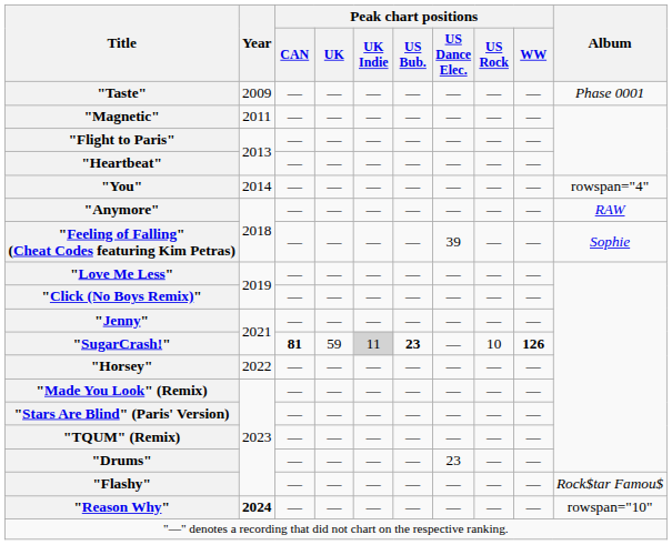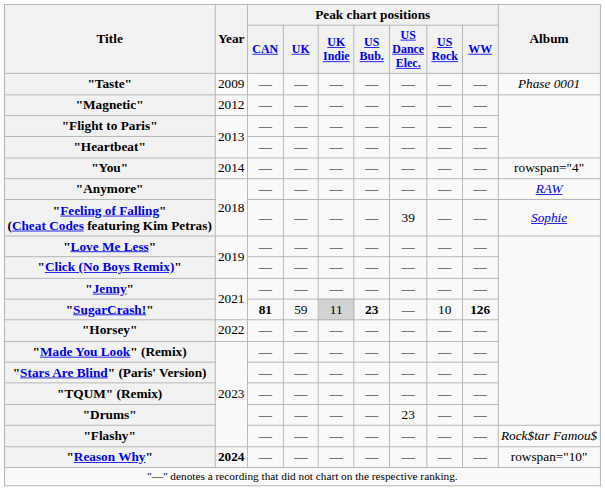 <table class="wikitable plainrowheaders" style="text-align:center;">
 <tr>
 <th scope="col" rowspan="2">Title</th>
 <th scope="col" rowspan="2">Year</th>
 <th colspan="7">Peak chart positions</th>
 <th scope="col" rowspan="2">Album</th>
 </tr>
 <tr>
 <th scope="col" style="width:2.5em;font-size:90%;"><a href='#'>CAN</a><br></th>
 <th scope="col" style="width:2.5em;font-size:90%;"><a href='#'>UK</a><br></th>
 <th scope="col" style="width:2.5em;font-size:90%;"><a href='#'>UK<br>Indie</a><br></th>
 <th scope="col" style="width:2.5em;font-size:90%;"><a href='#'>US<br>Bub.</a><br></th>
 <th scope="col" style="width:2.5em;font-size:90%;"><a href='#'>US<br>Dance<br>Elec.</a><br></th>
 <th scope="col" style="width:2.5em;font-size:90%;"><a href='#'>US<br>Rock</a><br></th>
 <th scope="col" style="width:2.5em;font-size:90%;"><a href='#'>WW</a><br></th>
 </tr>
 <tr>
 <th scope="row">"Taste"<br></th>
 <td>2009</td>
 <td>—</td>
 <td>—</td>
 <td>—</td>
 <td>—</td>
 <td>—</td>
 <td>—</td>
 <td>—</td>
 <td><em>Phase 0001</em></td>
 </tr>
 <tr>
 <th scope="row">"Magnetic"<br></th>
-<td>2011</td>
+<td>2012</td>
 <td>—</td>
 <td>—</td>
 <td>—</td>
 <td>—</td>
 <td>—</td>
 <td>—</td>
 <td>—</td>
 </tr>
 <tr>
 <th scope="row">"Flight to Paris"<br></th>
 <td rowspan="2">2013</td>
 <td>—</td>
 <td>—</td>
 <td>—</td>
 <td>—</td>
 <td>—</td>
 <td>—</td>
 <td>—</td>
 </tr>
 <tr>
 <th scope="row">"Heartbeat"<br></th>
 <td>—</td>
 <td>—</td>
 <td>—</td>
 <td>—</td>
 <td>—</td>
 <td>—</td>
 <td>—</td>
 </tr>
 <tr>
 <th scope="row">"You"<br></th>
 <td>2014</td>
 <td>—</td>
 <td>—</td>
 <td>—</td>
 <td>—</td>
 <td>—</td>
 <td>—</td>
 <td>—</td>
 <td>rowspan="4" </td>
 </tr>
 <tr>
 <th scope="row">"Anymore"<br></th>
 <td rowspan="2">2018</td>
 <td>—</td>
 <td>—</td>
 <td>—</td>
 <td>—</td>
 <td>—</td>
 <td>—</td>
 <td>—</td>
 <td><em><a href='#'>RAW</a></em></td>
 </tr>
 <tr>
 <th scope="row">"<a href='#'>Feeling of Falling</a>"<br><span>(<a href='#'>Cheat Codes</a> featuring Kim Petras)</span></th>
 <td>—</td>
 <td>—</td>
 <td>—</td>
 <td>—</td>
 <td>39</td>
 <td>—</td>
 <td>—</td>
 <td><em><a href='#'>Sophie</a></em></td>
 </tr>
 <tr>
 <th scope="row">"<a href='#'>Love Me Less</a>"<br></th>
 <td rowspan="2">2019</td>
 <td>—</td>
 <td>—</td>
 <td>—</td>
 <td>—</td>
 <td>—</td>
 <td>—</td>
 <td>—</td>
 </tr>
 <tr>
 <th scope="row">"<a href='#'>Click (No Boys Remix)</a>"<br></th>
 <td>—</td>
 <td>—</td>
 <td>—</td>
 <td>—</td>
 <td>—</td>
 <td>—</td>
 <td>—</td>
 </tr>
 <tr>
 <th scope="row">"<a href='#'>Jenny</a>"<br></th>
 <td rowspan="2">2021</td>
 <td>—</td>
 <td>—</td>
 <td>—</td>
 <td>—</td>
 <td>—</td>
 <td>—</td>
 <td>—</td>
 </tr>
 <tr>
 <th scope="row">"<a href='#'>SugarCrash!</a>"<br></th>
 <td><strong>81</strong></td>
 <td>59</td>
 <td style="background: lightgrey;">11</td>
 <td><strong>23</strong></td>
 <td>—</td>
 <td>10</td>
 <td><strong>126</strong></td>
 </tr>
 <tr>
 <th scope="row">"Horsey"<br></th>
 <td>2022</td>
 <td>—</td>
 <td>—</td>
 <td>—</td>
 <td>—</td>
 <td>—</td>
 <td>—</td>
 <td>—</td>
 </tr>
 <tr>
 <th scope="row">"<a href='#'>Made You Look</a>" (Remix)<br></th>
 <td rowspan="5">2023</td>
 <td>—</td>
 <td>—</td>
 <td>—</td>
 <td>—</td>
 <td>—</td>
 <td>—</td>
 <td>—</td>
 </tr>
 <tr>
 <th scope="row">"<a href='#'>Stars Are Blind</a>" (Paris' Version)<br></th>
 <td>—</td>
 <td>—</td>
 <td>—</td>
 <td>—</td>
 <td>—</td>
 <td>—</td>
 <td>—</td>
 </tr>
 <tr>
 <th scope="row">"TQUM" (Remix)<br></th>
 <td>—</td>
 <td>—</td>
 <td>—</td>
 <td>—</td>
 <td>—</td>
 <td>—</td>
 <td>—</td>
 </tr>
 <tr>
 <th scope="row">"Drums"<br></th>
 <td>—</td>
 <td>—</td>
 <td>—</td>
 <td>—</td>
 <td>23</td>
 <td>—</td>
 <td>—</td>
 </tr>
 <tr>
 <th scope="row">"Flashy"<br></th>
 <td>—</td>
 <td>—</td>
 <td>—</td>
 <td>—</td>
 <td>—</td>
 <td>—</td>
 <td>—</td>
 <td><em>Rock$tar Famou$</em></td>
 </tr>
 <tr>
 <th scope="row">"<a href='#'>Reason Why</a>"<br></th>
 <td><strong>2024</strong></td>
 <td>—</td>
 <td>—</td>
 <td>—</td>
 <td>—</td>
 <td>—</td>
 <td>—</td>
 <td>—</td>
 <td>rowspan="10" </td>
 </tr>
 <tr>
 <td colspan="10" style="font-size:85%">"—" denotes a recording that did not chart on the respective ranking.</td>
 </tr>
 </table>
